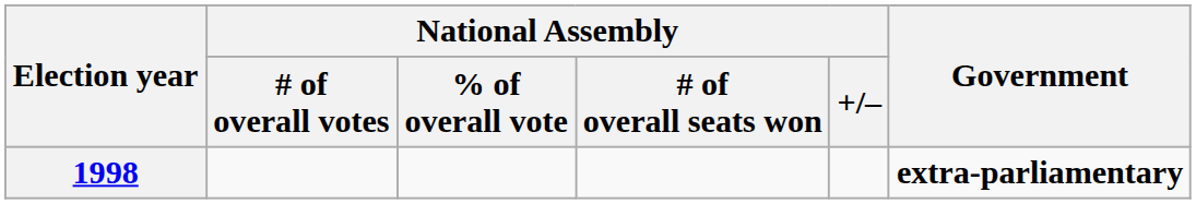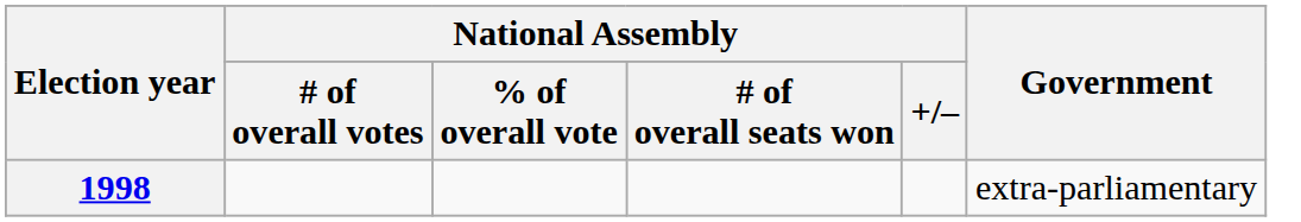 <table class=wikitable>
 <tr>
 <th rowspan=2>Election year</th>
 <th colspan=4>National Assembly</th>
 <th rowspan=2>Government</th>
 </tr>
 <tr>
 <th># of<br>overall votes</th>
 <th>% of<br>overall vote</th>
 <th># of<br>overall seats won</th>
 <th>+/–</th>
 </tr>
 <tr>
 <th><a href='#'>1998</a></th>
 <td></td>
 <td></td>
 <td></td>
 <td></td>
-<td><strong>extra-parliamentary</strong></td>
+<td>extra-parliamentary</td>
 </tr>
 </table>
